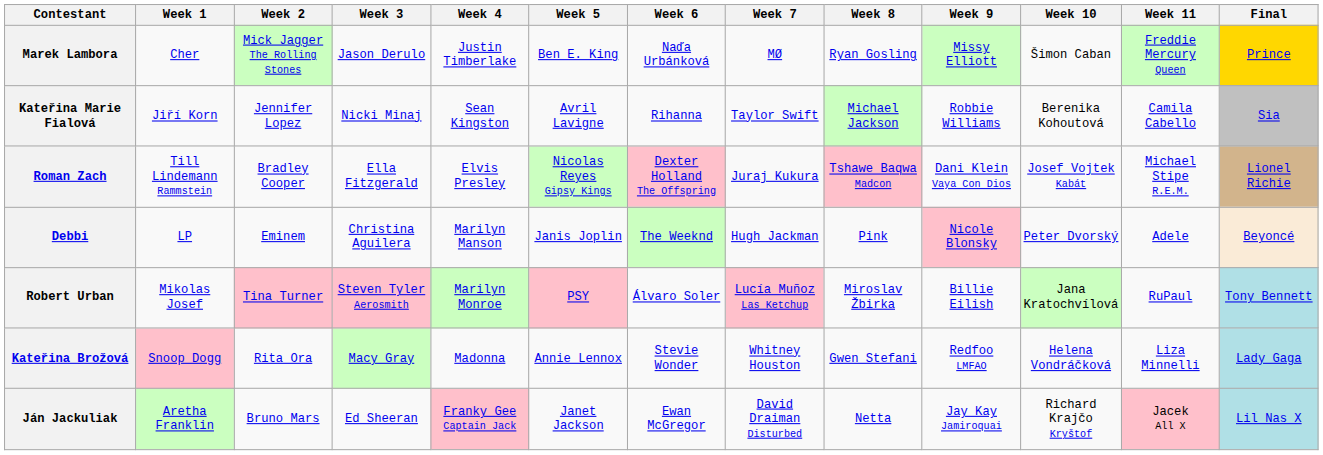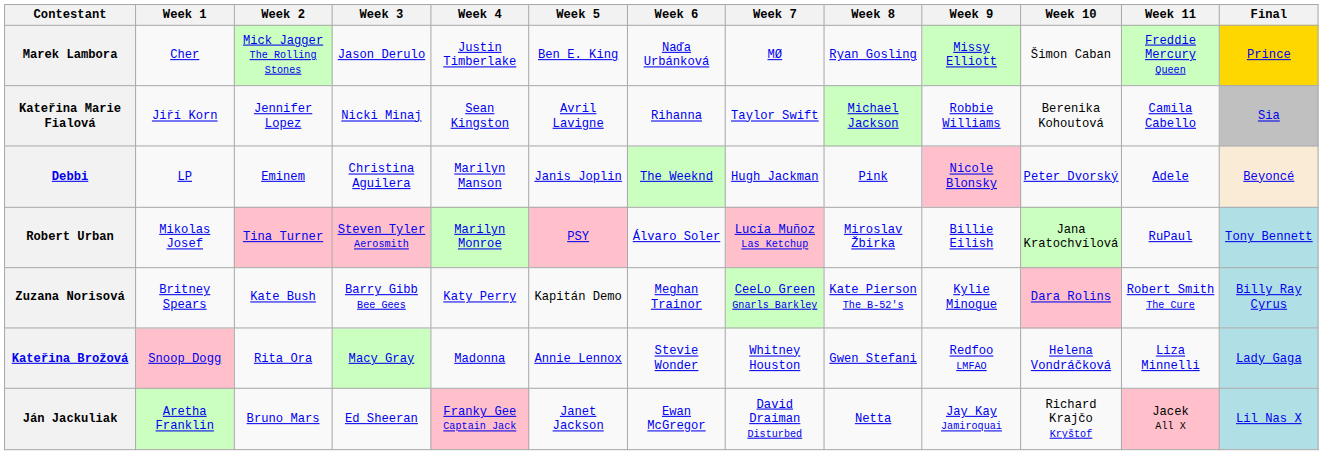 <table class="wikitable" style="font-size:90%; text-align:center; margin-left: auto; margin-right: auto">
 <tr>
 <th style="width: 10%;">Contestant</th>
 <th style="width: 7.5%;">Week 1</th>
 <th style="width: 7.5%;">Week 2</th>
 <th style="width: 7.5%;">Week 3</th>
 <th style="width: 7.5%;">Week 4</th>
 <th style="width: 7.5%;">Week 5</th>
 <th style="width: 7.5%;">Week 6</th>
 <th style="width: 7.5%;">Week 7</th>
 <th style="width: 7.5%;">Week 8</th>
 <th style="width: 7.5%;">Week 9</th>
 <th style="width: 7.5%;">Week 10</th>
 <th style="width: 7.5%;">Week 11</th>
 <th style="width: 7.5%;">Final</th>
 </tr>
 <tr>
 <th style=height:4.5em>Marek Lambora</th>
 <td><a href='#'>Cher</a></td>
 <td style="background:#cbffc0"><a href='#'>Mick Jagger</a><br><small><a href='#'>The Rolling Stones</a></small></td>
 <td><a href='#'>Jason Derulo</a></td>
 <td><a href='#'>Justin Timberlake</a></td>
 <td><a href='#'>Ben E. King</a></td>
 <td><a href='#'>Naďa Urbánková</a></td>
 <td><a href='#'>MØ</a></td>
 <td><a href='#'>Ryan Gosling</a></td>
 <td style="background:#cbffc0"><a href='#'>Missy Elliott</a></td>
 <td>Šimon Caban</td>
 <td style="background:#cbffc0"><a href='#'>Freddie Mercury</a><br><small><a href='#'>Queen</a></small></td>
 <td style="background:gold"><a href='#'>Prince</a></td>
 </tr>
 <tr>
 <th style=height:4.5em>Kateřina Marie Fialová</th>
 <td><a href='#'>Jiří Korn</a></td>
 <td><a href='#'>Jennifer Lopez</a></td>
 <td><a href='#'>Nicki Minaj</a></td>
 <td><a href='#'>Sean Kingston</a></td>
 <td><a href='#'>Avril Lavigne</a></td>
 <td><a href='#'>Rihanna</a></td>
 <td><a href='#'>Taylor Swift</a></td>
 <td style="background:#cbffc0"><a href='#'>Michael Jackson</a></td>
 <td><a href='#'>Robbie Williams</a></td>
 <td>Berenika Kohoutová</td>
 <td><a href='#'>Camila Cabello</a></td>
 <td style="background:silver"><a href='#'>Sia</a></td>
 </tr>
 <tr>
-<th style=height:4.5em><a href='#'>Roman Zach</a></th>
-<td><a href='#'>Till Lindemann</a><br><small><a href='#'>Rammstein</a></small></td>
-<td><a href='#'>Bradley Cooper</a></td>
-<td><a href='#'>Ella Fitzgerald</a></td>
-<td><a href='#'>Elvis Presley</a></td>
-<td style="background:#cbffc0"><a href='#'>Nicolas Reyes</a><br><small><a href='#'>Gipsy Kings</a></small></td>
-<td style="background:pink"><a href='#'>Dexter Holland</a><br><small><a href='#'>The Offspring</a></small></td>
-<td><a href='#'>Juraj Kukura</a></td>
-<td style="background:pink"><a href='#'>Tshawe Baqwa</a><br><small><a href='#'>Madcon</a></small></td>
-<td><a href='#'>Dani Klein</a><br><small><a href='#'>Vaya Con Dios</a></small></td>
-<td><a href='#'>Josef Vojtek</a> <br><small><a href='#'>Kabát</a></small></td>
-<td><a href='#'>Michael Stipe</a><br><small><a href='#'>R.E.M.</a></small></td>
-<td style="background:tan"><a href='#'>Lionel Richie</a></td>
-</tr>
-<tr>
 <th style=height:4.5em><a href='#'>Debbi</a></th>
 <td><a href='#'>LP</a></td>
 <td><a href='#'>Eminem</a></td>
 <td><a href='#'>Christina Aguilera</a></td>
 <td><a href='#'>Marilyn Manson</a></td>
 <td><a href='#'>Janis Joplin</a></td>
 <td style="background:#cbffc0"><a href='#'>The Weeknd</a></td>
 <td><a href='#'>Hugh Jackman</a></td>
 <td><a href='#'>Pink</a></td>
 <td style="background:pink"><a href='#'>Nicole Blonsky</a></td>
 <td><a href='#'>Peter Dvorský</a></td>
 <td><a href='#'>Adele</a></td>
 <td style="background:antiquewhite"><a href='#'>Beyoncé</a></td>
 </tr>
 <tr>
 <th style=height:4.5em>Robert Urban</th>
 <td><a href='#'>Mikolas Josef</a></td>
 <td style="background:pink"><a href='#'>Tina Turner</a></td>
 <td style="background:pink"><a href='#'>Steven Tyler</a><br><small><a href='#'>Aerosmith</a></small></td>
 <td style="background:#cbffc0"><a href='#'>Marilyn Monroe</a></td>
 <td style="background:pink"><a href='#'>PSY</a></td>
 <td><a href='#'>Álvaro Soler</a></td>
 <td style="background:pink"><a href='#'>Lucía Muñoz</a><br><small><a href='#'>Las Ketchup</a></small></td>
 <td><a href='#'>Miroslav Žbirka</a></td>
 <td><a href='#'>Billie Eilish</a></td>
 <td style="background:#cbffc0">Jana Kratochvílová</td>
 <td><a href='#'>RuPaul</a></td>
 <td style="background:#b0e0e6;"><a href='#'>Tony Bennett</a></td>
+</tr>
+<tr>
+<th style=height:4.5em>Zuzana Norisová</th>
+<td><a href='#'>Britney Spears</a></td>
+<td><a href='#'>Kate Bush</a></td>
+<td><a href='#'>Barry Gibb</a><br><small><a href='#'>Bee Gees</a></small></td>
+<td><a href='#'>Katy Perry</a></td>
+<td>Kapitán Demo</td>
+<td><a href='#'>Meghan Trainor</a></td>
+<td style="background:#cbffc0"><a href='#'>CeeLo Green</a><br><small><a href='#'>Gnarls Barkley</a></small></td>
+<td><a href='#'>Kate Pierson</a><br><small><a href='#'>The B-52's</a></small></td>
+<td><a href='#'>Kylie Minogue</a></td>
+<td style="background:pink"><a href='#'>Dara Rolins</a></td>
+<td><a href='#'>Robert Smith</a><br><small><a href='#'>The Cure</a></small></td>
+<td style="background:#b0e0e6;"><a href='#'>Billy Ray Cyrus</a></td>
 </tr>
 <tr>
 <th style=height:4.5em><a href='#'>Kateřina Brožová</a></th>
 <td style="background:pink"><a href='#'>Snoop Dogg</a></td>
 <td><a href='#'>Rita Ora</a></td>
 <td style="background:#cbffc0"><a href='#'>Macy Gray</a></td>
 <td><a href='#'>Madonna</a></td>
 <td><a href='#'>Annie Lennox</a></td>
 <td><a href='#'>Stevie Wonder</a></td>
 <td><a href='#'>Whitney Houston</a></td>
 <td><a href='#'>Gwen Stefani</a></td>
 <td><a href='#'>Redfoo</a><br><small><a href='#'>LMFAO</a></small></td>
 <td><a href='#'>Helena Vondráčková</a></td>
 <td><a href='#'>Liza Minnelli</a></td>
 <td style="background:#b0e0e6;"><a href='#'>Lady Gaga</a></td>
 </tr>
 <tr>
 <th style=height:4.5em>Ján Jackuliak</th>
 <td style="background:#cbffc0"><a href='#'>Aretha Franklin</a></td>
 <td><a href='#'>Bruno Mars</a></td>
 <td><a href='#'>Ed Sheeran</a></td>
 <td style="background:pink"><a href='#'>Franky Gee</a><br><small><a href='#'>Captain Jack</a></small></td>
 <td><a href='#'>Janet Jackson</a></td>
 <td><a href='#'>Ewan McGregor</a></td>
 <td><a href='#'>David Draiman</a><br><small><a href='#'>Disturbed</a></small></td>
 <td><a href='#'>Netta</a></td>
 <td><a href='#'>Jay Kay</a><br><small><a href='#'>Jamiroquai</a></small></td>
 <td>Richard Krajčo <br><small><a href='#'>Kryštof</a></small></td>
 <td style="background:pink">Jacek<br><small>All X</small></td>
 <td style="background:#b0e0e6;"><a href='#'>Lil Nas X</a></td>
 </tr>
 </table>
